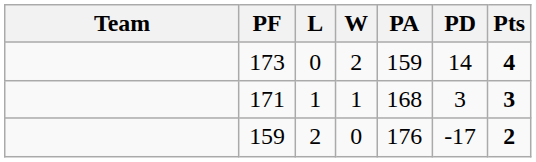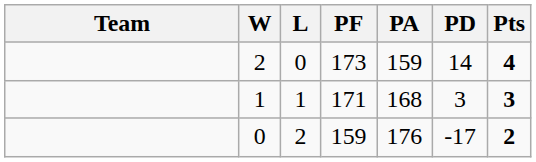 <table class="wikitable" style="text-align:center;">
 <tr>
 <th width=150>Team</th>
+<th width=20>W</th>
+<th width=20>L</th>
 <th width=30>PF</th>
-<th width=20>L</th>
-<th width=20>W</th>
 <th width=30>PA</th>
 <th width=30>PD</th>
 <th width=20>Pts</th>
 </tr>
 <tr>
 <td align="left"></td>
+<td>2</td>
+<td>0</td>
 <td>173</td>
-<td>0</td>
-<td>2</td>
 <td>159</td>
 <td>14</td>
 <td><strong>4</strong></td>
 </tr>
 <tr>
 <td align="left"></td>
-<td>171</td>
 <td>1</td>
 <td>1</td>
+<td>171</td>
 <td>168</td>
 <td>3</td>
 <td><strong>3</strong></td>
 </tr>
 <tr>
 <td align="left"></td>
+<td>0</td>
+<td>2</td>
 <td>159</td>
-<td>2</td>
-<td>0</td>
 <td>176</td>
 <td>-17</td>
 <td><strong>2</strong></td>
 </tr>
 </table>
